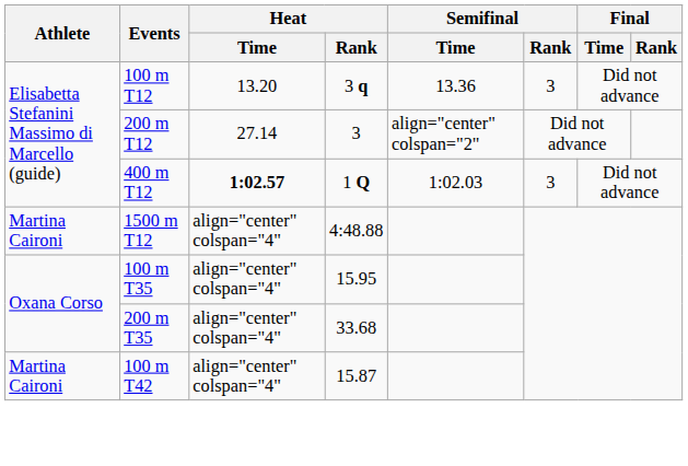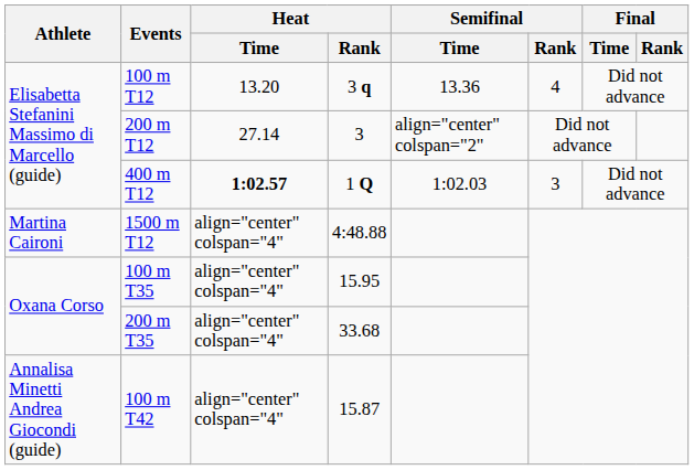 <table class=wikitable>
 <tr>
 <th rowspan="2">Athlete</th>
 <th rowspan="2">Events</th>
 <th colspan="2">Heat</th>
 <th colspan="2">Semifinal</th>
 <th colspan="2">Final</th>
 </tr>
 <tr>
 <th>Time</th>
 <th>Rank</th>
 <th>Time</th>
 <th>Rank</th>
 <th>Time</th>
 <th>Rank</th>
 </tr>
 <tr>
 <td rowspan=3><a href='#'>Elisabetta Stefanini</a><br><a href='#'>Massimo di Marcello</a> (guide)</td>
 <td><a href='#'>100 m T12</a></td>
 <td align="center">13.20</td>
 <td align="center">3 <strong>q</strong></td>
 <td align="center">13.36</td>
-<td align="center">3</td>
+<td align="center">4</td>
 <td align="center" colspan="2">Did not advance</td>
 </tr>
 <tr>
 <td><a href='#'>200 m T12</a></td>
 <td align="center">27.14</td>
 <td align="center">3</td>
 <td>align="center" colspan="2" </td>
 <td align="center" colspan="2">Did not advance</td>
 </tr>
 <tr>
 <td><a href='#'>400 m T12</a></td>
 <td align="center"><strong>1:02.57</strong></td>
 <td align="center">1 <strong>Q</strong></td>
 <td align="center" colspan=>1:02.03</td>
 <td align="center" colspan=>3</td>
 <td align="center" colspan="2">Did not advance</td>
 </tr>
 <tr>
 <td><a href='#'>Martina Caironi</a></td>
 <td><a href='#'>1500 m T12</a></td>
 <td>align="center" colspan="4" </td>
 <td align="center">4:48.88 </td>
 <td align="center"></td>
 </tr>
 <tr>
 <td rowspan=2><a href='#'>Oxana Corso</a></td>
 <td><a href='#'>100 m T35</a></td>
 <td>align="center" colspan="4" </td>
 <td align="center">15.95 </td>
 <td align="center"></td>
 </tr>
 <tr>
 <td><a href='#'>200 m T35</a></td>
 <td>align="center" colspan="4" </td>
 <td align="center">33.68 </td>
 <td align="center"></td>
 </tr>
 <tr>
-<td><a href='#'>Martina Caironi</a></td>
+<td><a href='#'>Annalisa Minetti</a><br><a href='#'>Andrea Giocondi</a> (guide)</td>
 <td><a href='#'>100 m T42</a></td>
 <td>align="center" colspan="4" </td>
 <td align="center">15.87 </td>
 <td align="center"></td>
 </tr>
 </table>
